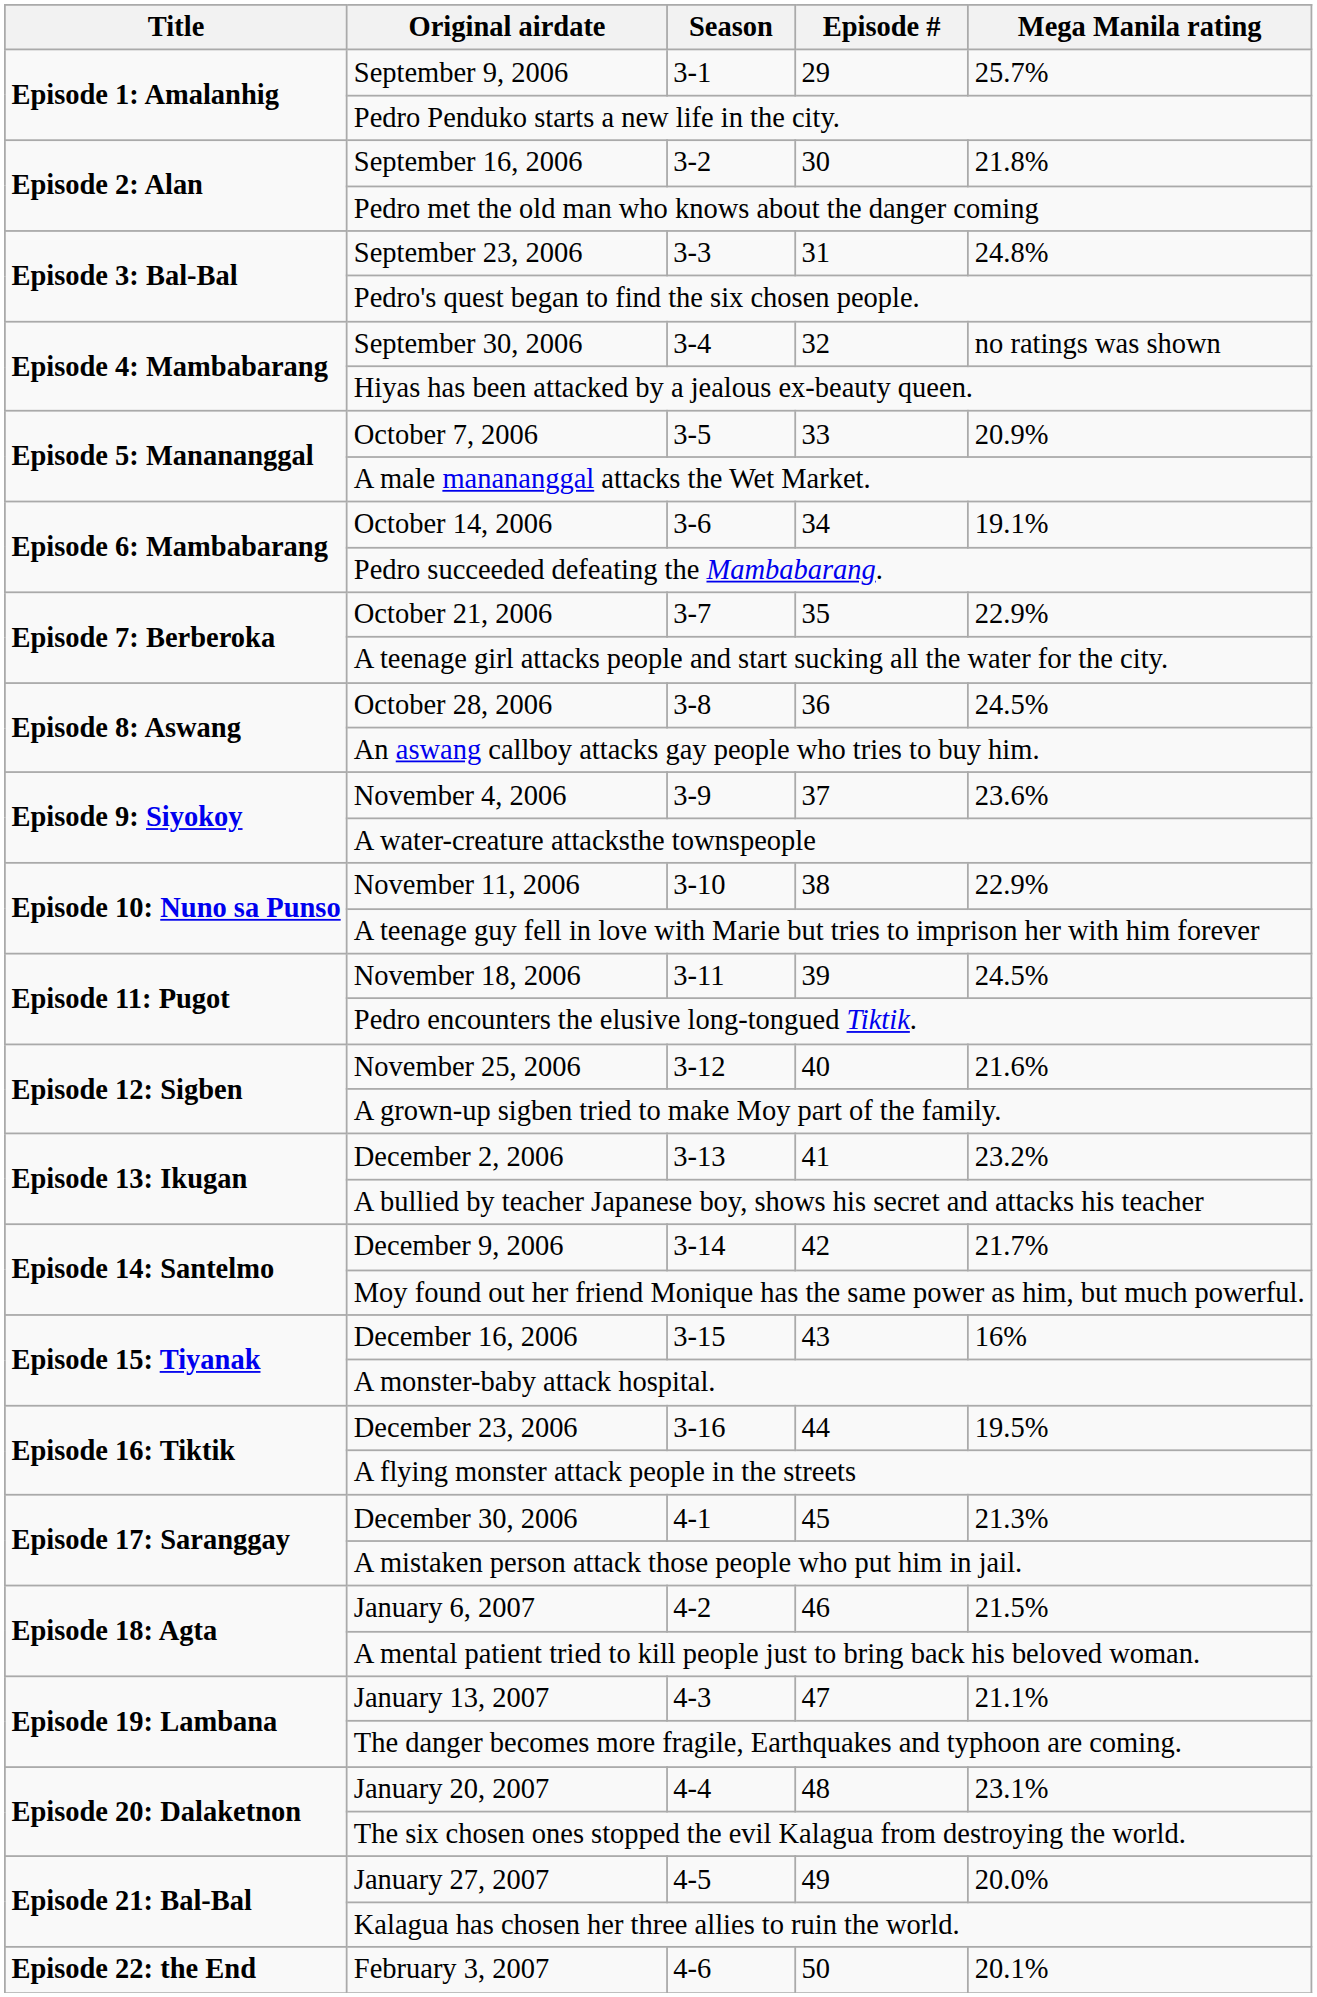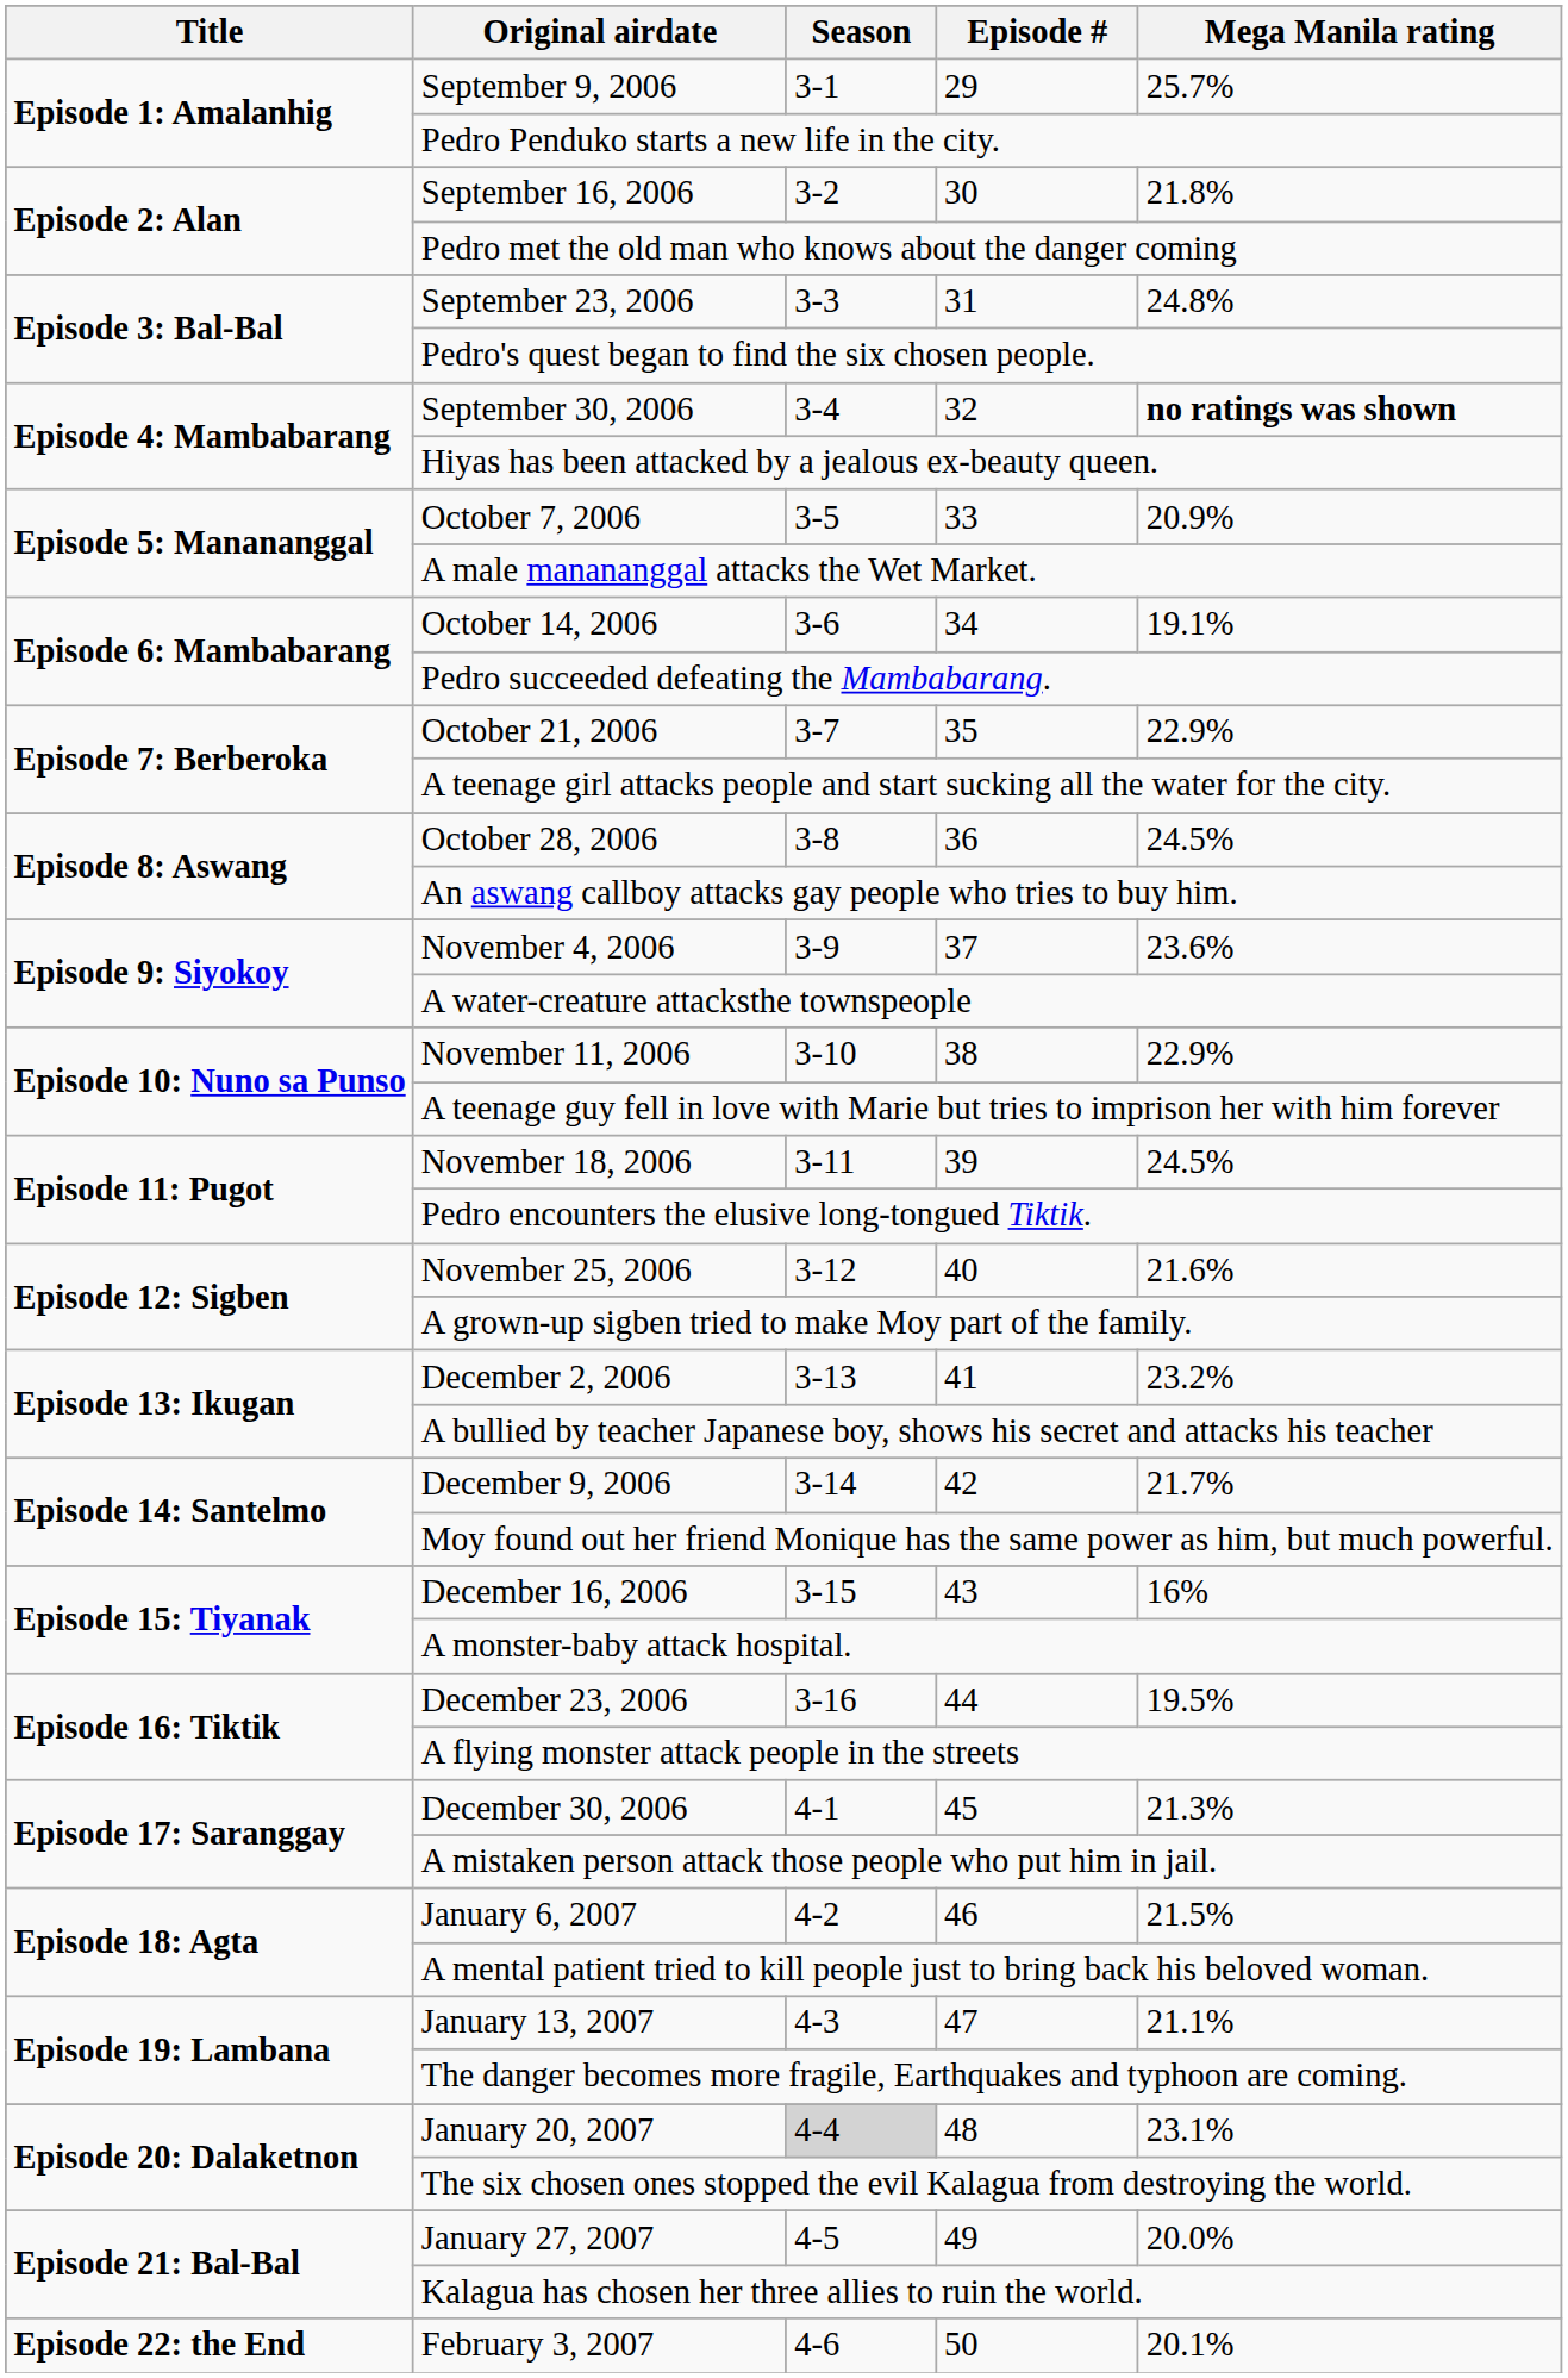 <table class="wikitable">
 <tr>
 <th>Title</th>
 <th>Original airdate</th>
 <th>Season</th>
 <th>Episode #</th>
 <th>Mega Manila rating</th>
 </tr>
 <tr>
 <td rowspan="2"><strong>Episode 1: Amalanhig</strong></td>
 <td>September 9, 2006</td>
 <td>3-1</td>
 <td>29</td>
 <td>25.7%</td>
 </tr>
 <tr>
 <td colspan="5">Pedro Penduko starts a new life in the city.</td>
 </tr>
 <tr>
 <td rowspan="2"><strong>Episode 2: Alan</strong></td>
 <td>September 16, 2006</td>
 <td>3-2</td>
 <td>30</td>
 <td>21.8%</td>
 </tr>
 <tr>
 <td colspan="5">Pedro met the old man who knows about the danger coming</td>
 </tr>
 <tr>
 <td rowspan="2"><strong>Episode 3: Bal-Bal</strong></td>
 <td>September 23, 2006</td>
 <td>3-3</td>
 <td>31</td>
 <td>24.8%</td>
 </tr>
 <tr>
 <td colspan="5">Pedro's quest began to find the six chosen people.</td>
 </tr>
 <tr>
 <td rowspan="2"><strong>Episode 4: Mambabarang</strong></td>
 <td>September 30, 2006</td>
 <td>3-4</td>
 <td>32</td>
-<td>no ratings was shown</td>
+<td><strong>no ratings was shown</strong></td>
 </tr>
 <tr>
 <td colspan="5">Hiyas has been attacked by a jealous ex-beauty queen.</td>
 </tr>
 <tr>
 <td rowspan="2"><strong>Episode 5: Manananggal</strong></td>
 <td>October 7, 2006</td>
 <td>3-5</td>
 <td>33</td>
 <td>20.9%</td>
 </tr>
 <tr>
 <td colspan="5">A male <a href='#'>manananggal</a> attacks the Wet Market.</td>
 </tr>
 <tr>
 <td rowspan="2"><strong>Episode 6: Mambabarang</strong></td>
 <td>October 14, 2006</td>
 <td>3-6</td>
 <td>34</td>
 <td>19.1%</td>
 </tr>
 <tr>
 <td colspan="5">Pedro succeeded defeating the <em><a href='#'>Mambabarang</a></em>.</td>
 </tr>
 <tr>
 <td rowspan="2"><strong>Episode 7: Berberoka</strong></td>
 <td>October 21, 2006</td>
 <td>3-7</td>
 <td>35</td>
 <td>22.9%</td>
 </tr>
 <tr>
 <td colspan="5">A teenage girl attacks people and start sucking all the water for the city.</td>
 </tr>
 <tr>
 <td rowspan="2"><strong>Episode 8: Aswang</strong></td>
 <td>October 28, 2006</td>
 <td>3-8</td>
 <td>36</td>
 <td>24.5%</td>
 </tr>
 <tr>
 <td colspan="5">An <a href='#'>aswang</a> callboy attacks gay people who tries to buy him.</td>
 </tr>
 <tr>
 <td rowspan="2"><strong>Episode 9: <a href='#'>Siyokoy</a></strong></td>
 <td>November 4, 2006</td>
 <td>3-9</td>
 <td>37</td>
 <td>23.6%</td>
 </tr>
 <tr>
 <td colspan="5">A water-creature attacksthe townspeople</td>
 </tr>
 <tr>
 <td rowspan="2"><strong>Episode 10: <a href='#'>Nuno sa Punso</a></strong></td>
 <td>November 11, 2006</td>
 <td>3-10</td>
 <td>38</td>
 <td>22.9%</td>
 </tr>
 <tr>
 <td colspan="5">A teenage guy fell in love with Marie but tries to imprison her with him forever</td>
 </tr>
 <tr>
 <td rowspan="2"><strong>Episode 11: Pugot</strong></td>
 <td>November 18, 2006</td>
 <td>3-11</td>
 <td>39</td>
 <td>24.5%</td>
 </tr>
 <tr>
 <td colspan="5">Pedro encounters the elusive long-tongued <em><a href='#'>Tiktik</a></em>.</td>
 </tr>
 <tr>
 <td rowspan="2"><strong>Episode 12: Sigben</strong></td>
 <td>November 25, 2006</td>
 <td>3-12</td>
 <td>40</td>
 <td>21.6%</td>
 </tr>
 <tr>
 <td colspan="5">A grown-up sigben tried to make Moy part of the family.</td>
 </tr>
 <tr>
 <td rowspan="2"><strong>Episode 13: Ikugan</strong></td>
 <td>December 2, 2006</td>
 <td>3-13</td>
 <td>41</td>
 <td>23.2%</td>
 </tr>
 <tr>
 <td colspan="5">A bullied by teacher Japanese boy, shows his secret and attacks his teacher</td>
 </tr>
 <tr>
 <td rowspan="2"><strong>Episode 14: Santelmo</strong></td>
 <td>December 9, 2006</td>
 <td>3-14</td>
 <td>42</td>
 <td>21.7%</td>
 </tr>
 <tr>
 <td colspan="5">Moy found out her friend Monique has the same power as him, but much powerful.</td>
 </tr>
 <tr>
 <td rowspan="2"><strong>Episode 15: <a href='#'>Tiyanak</a></strong></td>
 <td>December 16, 2006</td>
 <td>3-15</td>
 <td>43</td>
 <td>16%</td>
 </tr>
 <tr>
 <td colspan="4">A monster-baby attack hospital.</td>
 </tr>
 <tr>
 <td rowspan="2"><strong>Episode 16: Tiktik</strong></td>
 <td>December 23, 2006</td>
 <td>3-16</td>
 <td>44</td>
 <td>19.5%</td>
 </tr>
 <tr>
 <td colspan="4">A flying monster attack people in the streets</td>
 </tr>
 <tr>
 <td rowspan="2"><strong>Episode 17: Saranggay</strong></td>
 <td>December 30, 2006</td>
 <td>4-1</td>
 <td>45</td>
 <td>21.3%</td>
 </tr>
 <tr>
 <td colspan="4">A mistaken person attack those people who put him in jail.</td>
 </tr>
 <tr>
 <td rowspan="2"><strong>Episode 18: Agta</strong></td>
 <td>January 6, 2007</td>
 <td>4-2</td>
 <td>46</td>
 <td>21.5%</td>
 </tr>
 <tr>
 <td colspan="4">A mental patient tried to kill people just to bring back his beloved woman.</td>
 </tr>
 <tr>
 <td rowspan="2"><strong>Episode 19: Lambana</strong></td>
 <td>January 13, 2007</td>
 <td>4-3</td>
 <td>47</td>
 <td>21.1%</td>
 </tr>
 <tr>
 <td colspan="4">The danger becomes more fragile, Earthquakes and typhoon are coming.</td>
 </tr>
 <tr>
 <td rowspan="2"><strong>Episode 20: Dalaketnon</strong></td>
 <td>January 20, 2007</td>
-<td>4-4</td>
+<td style="background: lightgrey;">4-4</td>
 <td>48</td>
 <td>23.1%</td>
 </tr>
 <tr>
 <td colspan="4">The six chosen ones stopped the evil Kalagua from destroying the world.</td>
 </tr>
 <tr>
 <td rowspan="2"><strong>Episode 21: Bal-Bal</strong></td>
 <td>January 27, 2007</td>
 <td>4-5</td>
 <td>49</td>
 <td>20.0%</td>
 </tr>
 <tr>
 <td colspan="4">Kalagua has chosen her three allies to ruin the world.</td>
 </tr>
 <tr>
 <td rowspan="1"><strong>Episode 22: the End</strong></td>
 <td>February 3, 2007</td>
 <td>4-6</td>
 <td>50</td>
 <td>20.1%</td>
 </tr>
 </table>
